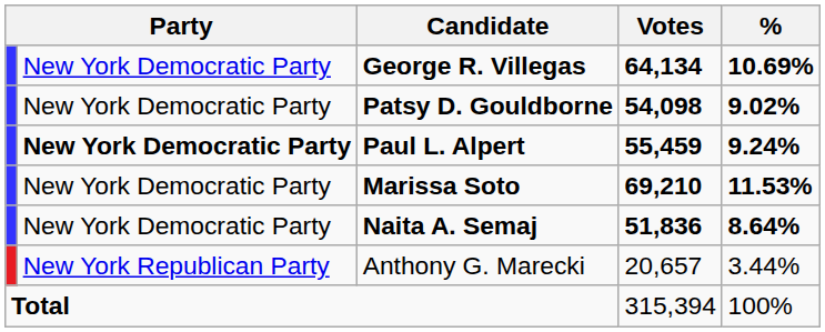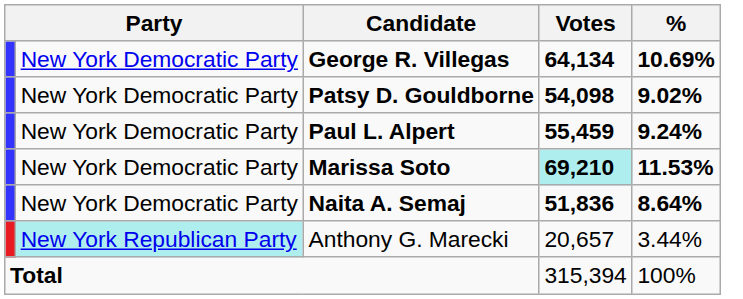 <table class="wikitable" style="font-size: 95%">
 <tr>
 <th colspan="2">Party</th>
 <th>Candidate</th>
 <th>Votes</th>
 <th>%</th>
 </tr>
 <tr>
 <td bgcolor="#3333FF"></td>
 <td><a href='#'>New York Democratic Party</a></td>
 <td><strong>George R. Villegas</strong></td>
 <td><strong>64,134</strong></td>
 <td><strong>10.69%</strong></td>
 </tr>
 <tr>
 <td bgcolor="#3333FF"></td>
 <td>New York Democratic Party</td>
 <td><strong>Patsy D. Gouldborne</strong></td>
 <td><strong>54,098</strong></td>
 <td><strong>9.02%</strong></td>
 </tr>
 <tr>
 <td bgcolor="#3333FF"></td>
-<td><strong>New York Democratic Party</strong></td>
+<td>New York Democratic Party</td>
 <td><strong>Paul L. Alpert</strong></td>
 <td><strong>55,459</strong></td>
 <td><strong>9.24%</strong></td>
 </tr>
 <tr>
 <td bgcolor="#3333FF"></td>
 <td>New York Democratic Party</td>
 <td><strong>Marissa Soto</strong></td>
-<td><strong>69,210</strong></td>
+<td style="background: paleturquoise;"><strong>69,210</strong></td>
 <td><strong>11.53%</strong></td>
 </tr>
 <tr>
 <td bgcolor="#3333FF"></td>
 <td>New York Democratic Party</td>
 <td><strong>Naita A. Semaj</strong></td>
 <td><strong>51,836</strong></td>
 <td><strong>8.64%</strong></td>
 </tr>
 <tr>
 <td bgcolor="#E81B23"></td>
-<td><a href='#'>New York Republican Party</a></td>
+<td style="background: paleturquoise;"><a href='#'>New York Republican Party</a></td>
 <td>Anthony G. Marecki</td>
 <td>20,657</td>
 <td>3.44%</td>
 </tr>
 <tr>
 <td colspan="3"><strong>Total</strong></td>
 <td>315,394</td>
 <td>100%</td>
 </tr>
 </table>
